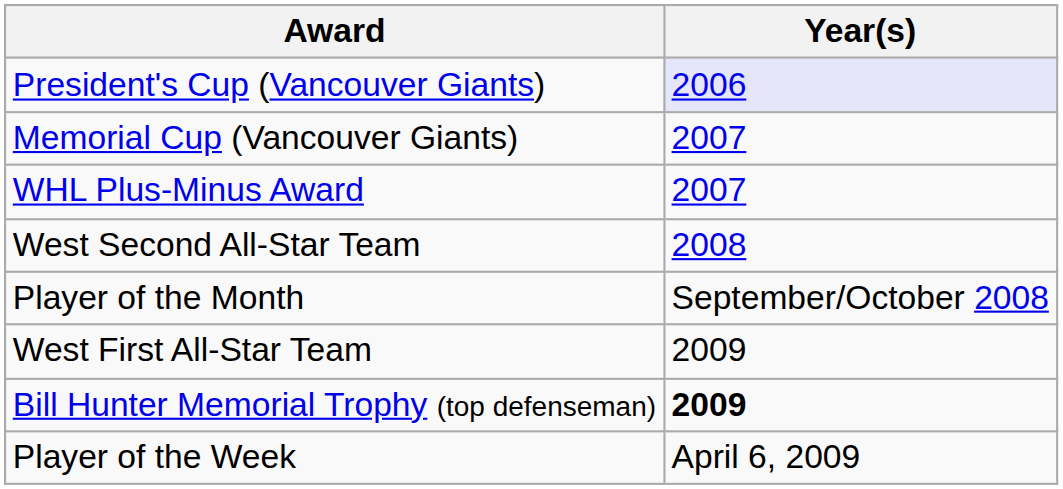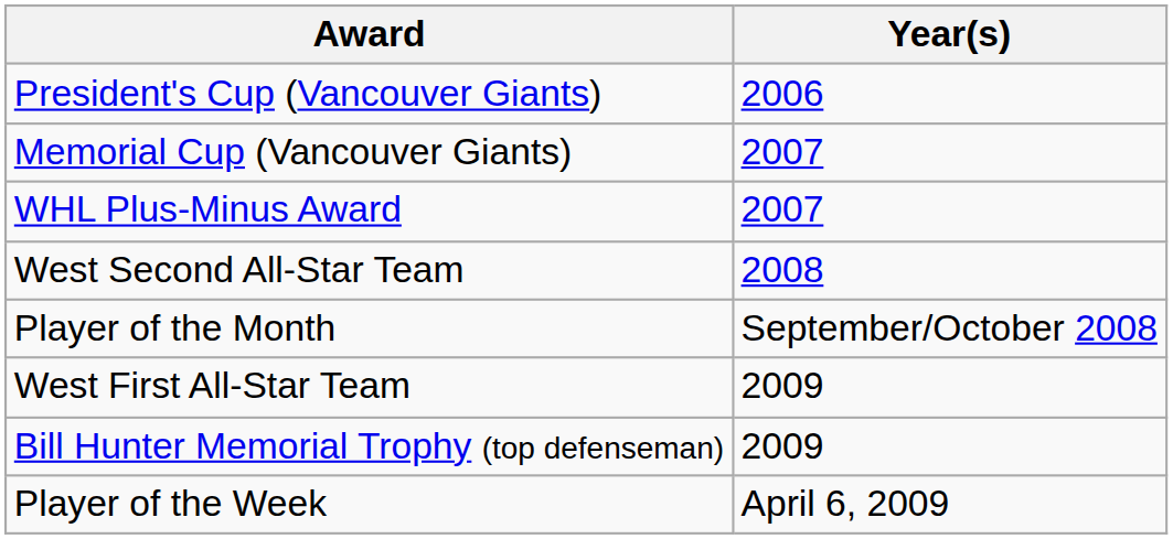 <table class="wikitable">
 <tr>
 <th>Award</th>
 <th>Year(s)</th>
 </tr>
 <tr>
 <td><a href='#'>President's Cup</a> (<a href='#'>Vancouver Giants</a>)</td>
-<td style="background: lavender;"><a href='#'>2006</a></td>
+<td><a href='#'>2006</a></td>
 </tr>
 <tr>
 <td><a href='#'>Memorial Cup</a> (Vancouver Giants)</td>
 <td><a href='#'>2007</a></td>
 </tr>
 <tr>
 <td><a href='#'>WHL Plus-Minus Award</a></td>
 <td><a href='#'>2007</a></td>
 </tr>
 <tr>
 <td>West Second All-Star Team</td>
 <td><a href='#'>2008</a></td>
 </tr>
 <tr>
 <td>Player of the Month</td>
 <td>September/October <a href='#'>2008</a></td>
 </tr>
 <tr>
 <td>West First All-Star Team</td>
 <td>2009</td>
 </tr>
 <tr>
 <td><a href='#'>Bill Hunter Memorial Trophy</a> <small>(top defenseman)</small></td>
-<td><strong>2009</strong></td>
+<td>2009</td>
 </tr>
 <tr>
 <td>Player of the Week</td>
 <td>April 6, 2009</td>
 </tr>
 </table>
